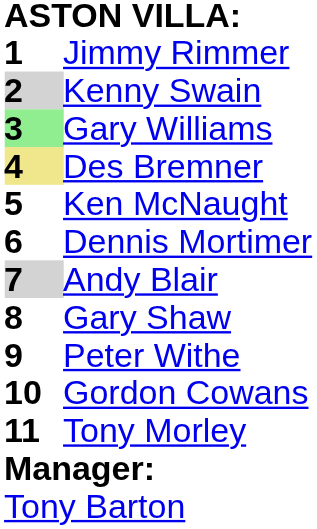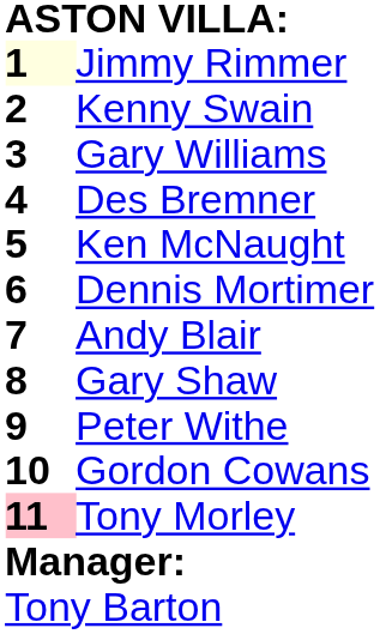 <table style="font-size: 90%" cellspacing="0" cellpadding="0" align=center>
 <tr>
 <td colspan="4"><strong>ASTON VILLA:</strong></td>
 </tr>
 <tr>
 <th width="25"></th>
 </tr>
 <tr>
-<td><strong>1</strong></td>
+<td style="background: lightyellow;"><strong>1</strong></td>
 <td> <a href='#'>Jimmy Rimmer</a></td>
 </tr>
 <tr>
-<td style="background: lightgrey;"><strong>2</strong></td>
+<td><strong>2</strong></td>
 <td> <a href='#'>Kenny Swain</a></td>
 </tr>
 <tr>
-<td style="background: lightgreen;"><strong>3</strong></td>
+<td><strong>3</strong></td>
 <td> <a href='#'>Gary Williams</a></td>
 </tr>
 <tr>
-<td style="background: khaki;"><strong>4</strong></td>
+<td><strong>4</strong></td>
 <td> <a href='#'>Des Bremner</a></td>
 </tr>
 <tr>
 <td><strong>5</strong></td>
 <td> <a href='#'>Ken McNaught</a></td>
 </tr>
 <tr>
 <td><strong>6</strong></td>
 <td> <a href='#'>Dennis Mortimer</a></td>
 </tr>
 <tr>
-<td style="background: lightgrey;"><strong>7</strong></td>
+<td><strong>7</strong></td>
 <td> <a href='#'>Andy Blair</a></td>
 </tr>
 <tr>
 <td><strong>8</strong></td>
 <td> <a href='#'>Gary Shaw</a></td>
 </tr>
 <tr>
 <td><strong>9</strong></td>
 <td> <a href='#'>Peter Withe</a></td>
 </tr>
 <tr>
 <td><strong>10</strong></td>
 <td> <a href='#'>Gordon Cowans</a></td>
 </tr>
 <tr>
-<td><strong>11</strong></td>
+<td style="background: pink;"><strong>11</strong></td>
 <td> <a href='#'>Tony Morley</a></td>
 </tr>
 <tr>
 <td colspan=4><strong>Manager:</strong></td>
 </tr>
 <tr>
 <td colspan="4"> <a href='#'>Tony Barton</a></td>
 </tr>
 </table>
